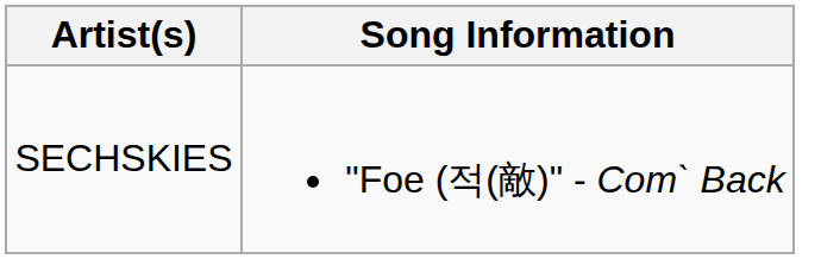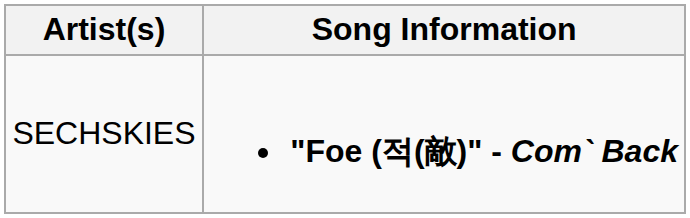 <table class="wikitable sortable" style="text-align: center">
 <tr>
 <th>Artist(s)</th>
 <th>Song Information</th>
 </tr>
 <tr>
 <td>SECHSKIES</td>
-<td><br><ul><li>"Foe (적(敵)" - <em>Com` Back</em></li></ul></td>
+<td><strong><br><ul><li>"Foe (적(敵)" - <em>Com` Back</em></li></ul></strong></td>
 </tr>
 </table>
